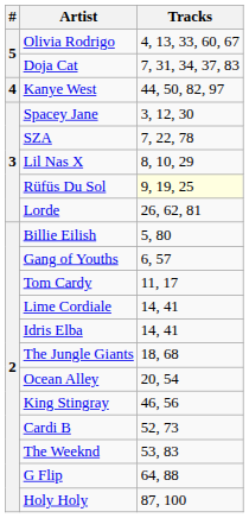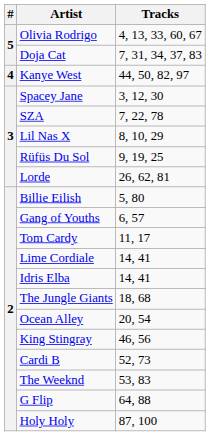 <table class="wikitable sortable">
 <tr>
 <th>#</th>
 <th>Artist</th>
 <th>Tracks</th>
 </tr>
 <tr>
 <th rowspan="2">5</th>
 <td><a href='#'>Olivia Rodrigo</a></td>
 <td>4, 13, 33, 60, 67</td>
 </tr>
 <tr>
 <td><a href='#'>Doja Cat</a></td>
 <td>7, 31, 34, 37, 83</td>
 </tr>
 <tr>
 <th>4</th>
 <td><a href='#'>Kanye West</a></td>
 <td>44, 50, 82, 97</td>
 </tr>
 <tr>
 <th rowspan="5">3</th>
 <td><a href='#'>Spacey Jane</a></td>
 <td>3, 12, 30</td>
 </tr>
 <tr>
 <td><a href='#'>SZA</a></td>
 <td>7, 22, 78</td>
 </tr>
 <tr>
 <td><a href='#'>Lil Nas X</a></td>
 <td>8, 10, 29</td>
 </tr>
 <tr>
 <td><a href='#'>Rüfüs Du Sol</a></td>
-<td style="background: lightyellow;">9, 19, 25</td>
+<td>9, 19, 25</td>
 </tr>
 <tr>
 <td><a href='#'>Lorde</a></td>
 <td>26, 62, 81</td>
 </tr>
 <tr>
 <th rowspan="12">2</th>
 <td><a href='#'>Billie Eilish</a></td>
 <td>5, 80</td>
 </tr>
 <tr>
 <td><a href='#'>Gang of Youths</a></td>
 <td>6, 57</td>
 </tr>
 <tr>
 <td><a href='#'>Tom Cardy</a></td>
 <td>11, 17</td>
 </tr>
 <tr>
 <td><a href='#'>Lime Cordiale</a></td>
 <td>14, 41</td>
 </tr>
 <tr>
 <td><a href='#'>Idris Elba</a></td>
 <td>14, 41</td>
 </tr>
 <tr>
 <td><a href='#'>The Jungle Giants</a></td>
 <td>18, 68</td>
 </tr>
 <tr>
 <td><a href='#'>Ocean Alley</a></td>
 <td>20, 54</td>
 </tr>
 <tr>
 <td><a href='#'>King Stingray</a></td>
 <td>46, 56</td>
 </tr>
 <tr>
 <td><a href='#'>Cardi B</a></td>
 <td>52, 73</td>
 </tr>
 <tr>
 <td><a href='#'>The Weeknd</a></td>
 <td>53, 83</td>
 </tr>
 <tr>
 <td><a href='#'>G Flip</a></td>
 <td>64, 88</td>
 </tr>
 <tr>
 <td><a href='#'>Holy Holy</a></td>
 <td>87, 100</td>
 </tr>
 </table>
